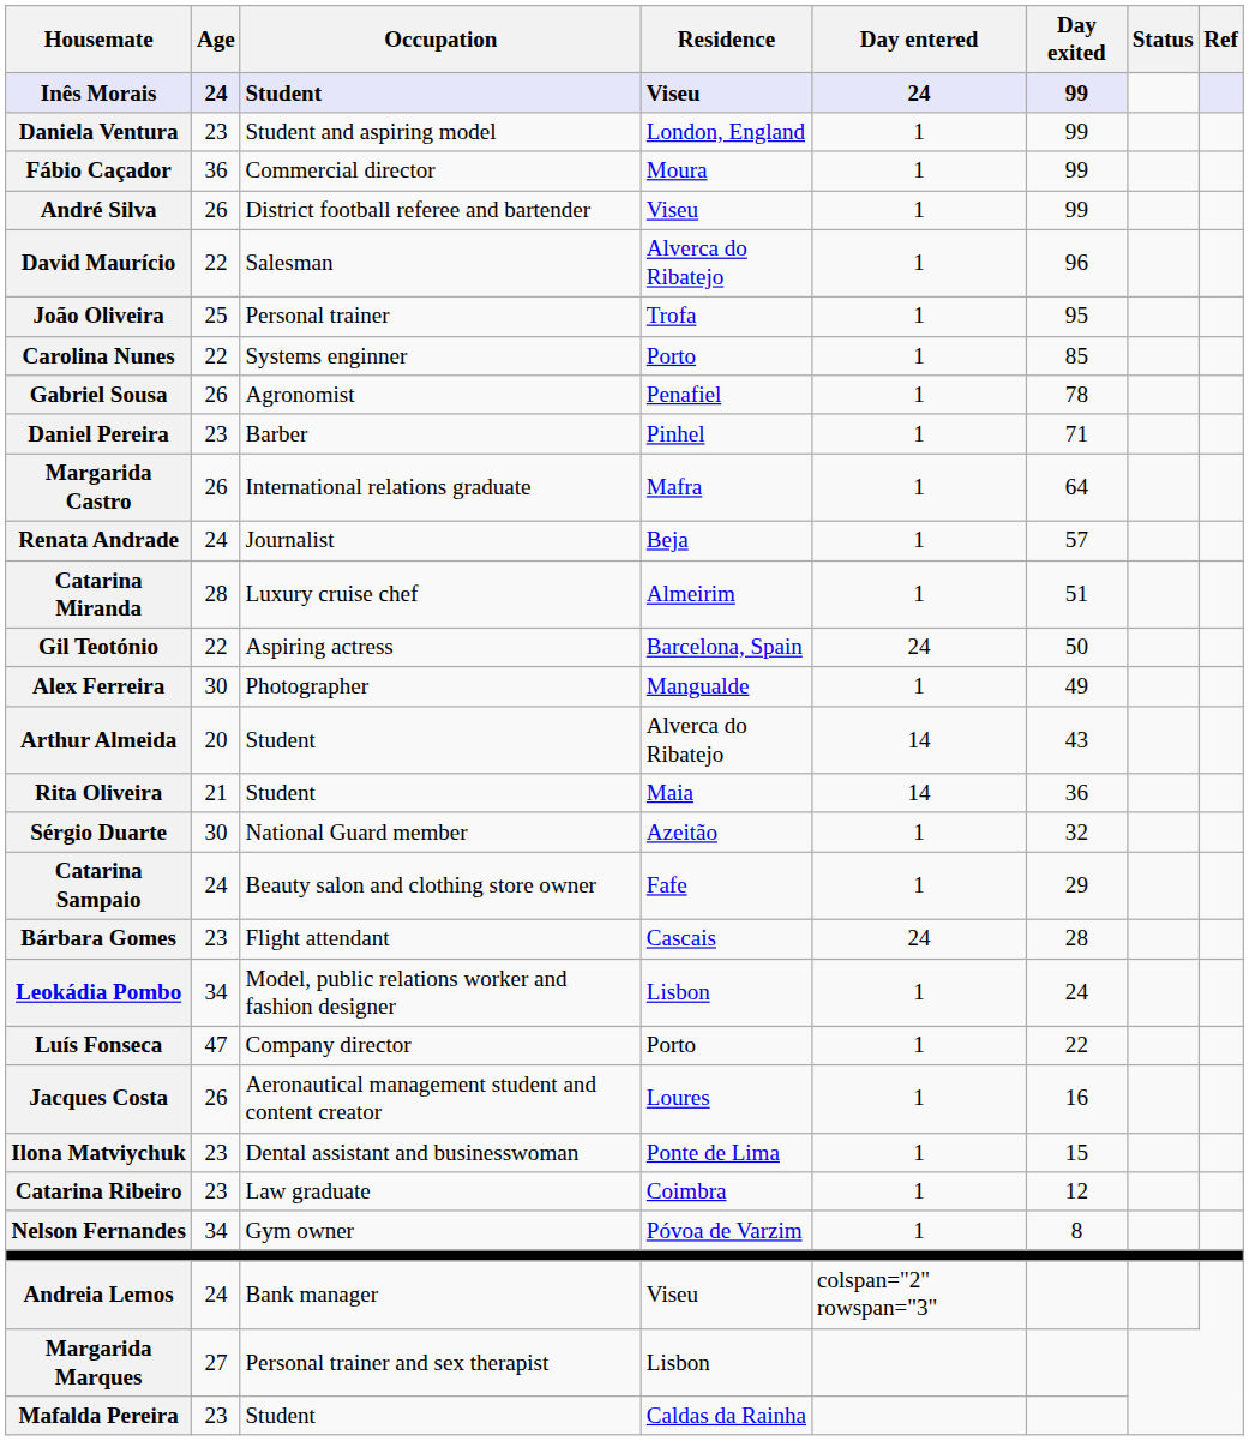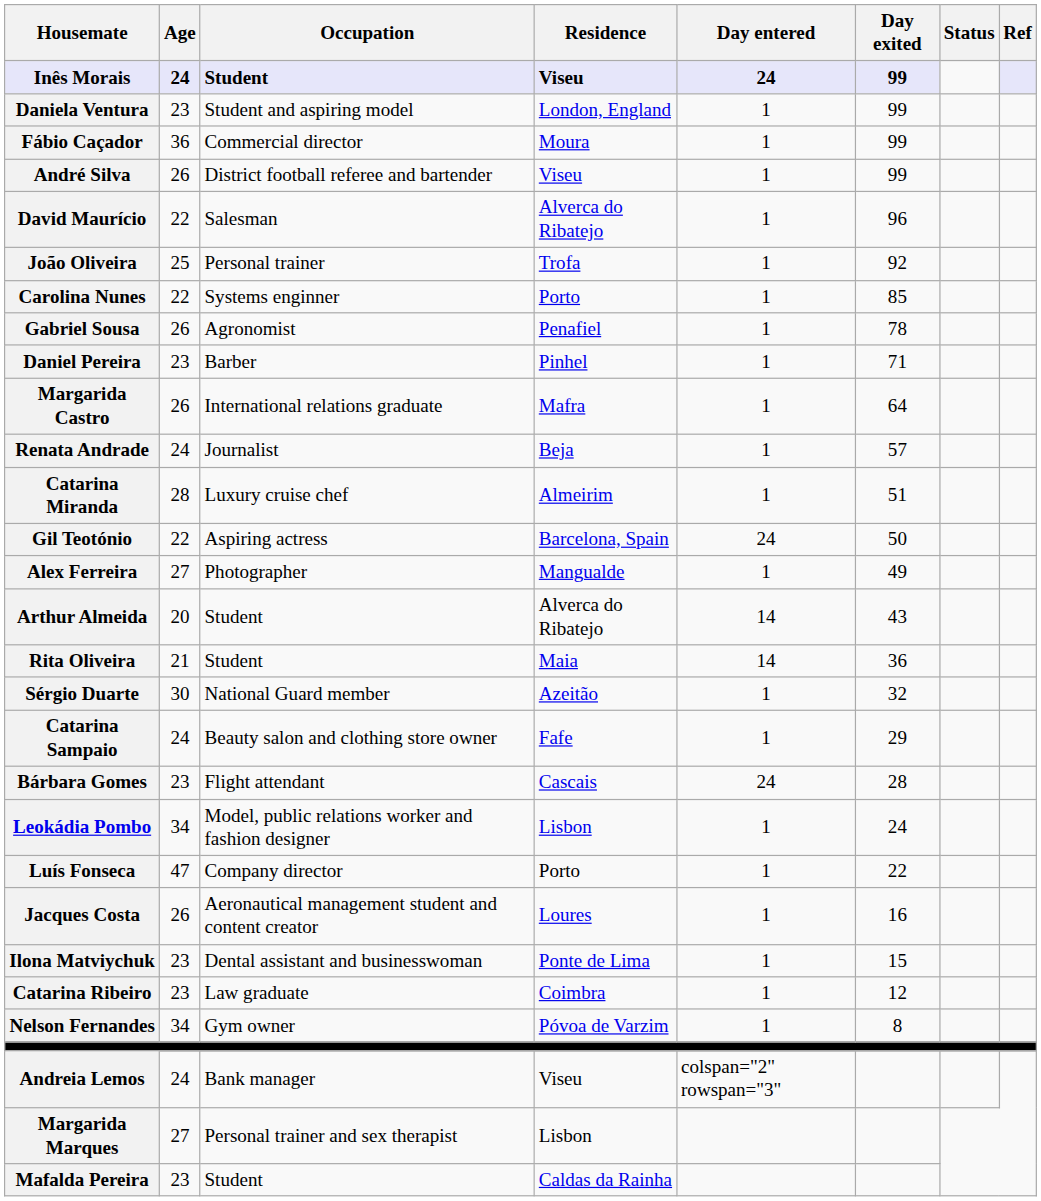 <table class="wikitable sortable" style="text-align: left; line-height:20px; width:auto">
 <tr>
 <th>Housemate</th>
 <th>Age</th>
 <th>Occupation</th>
 <th>Residence</th>
 <th>Day entered</th>
 <th>Day exited</th>
 <th>Status</th>
 <th>Ref</th>
 </tr>
 <tr>
 <td style="text-align: center" bgcolor="E6E6FA"><strong>Inês Morais</strong></td>
 <td style="text-align: center" bgcolor="E6E6FA"><strong>24</strong></td>
 <td bgcolor="E6E6FA"><strong>Student</strong></td>
 <td bgcolor="E6E6FA"><strong>Viseu</strong></td>
 <td style="text-align: center" bgcolor="E6E6FA"><strong>24</strong></td>
 <td style="text-align: center" bgcolor="E6E6FA"><strong>99</strong></td>
 <td></td>
 <td style="text-align: center" bgcolor="E6E6FA"></td>
 </tr>
 <tr>
 <th>Daniela Ventura</th>
 <td style="text-align: center">23</td>
 <td>Student and aspiring model</td>
 <td><a href='#'>London, England</a></td>
 <td style="text-align: center">1</td>
 <td style="text-align: center">99</td>
 <td></td>
 <td style="text-align: center"></td>
 </tr>
 <tr>
 <th>Fábio Caçador</th>
 <td style="text-align: center">36</td>
 <td>Commercial director</td>
 <td><a href='#'>Moura</a></td>
 <td style="text-align: center">1</td>
 <td style="text-align: center">99</td>
 <td></td>
 <td style="text-align: center"></td>
 </tr>
 <tr>
 <th>André Silva</th>
 <td style="text-align: center">26</td>
 <td>District football referee and bartender</td>
 <td><a href='#'>Viseu</a></td>
 <td style="text-align: center">1</td>
 <td style="text-align: center">99</td>
 <td></td>
 <td style="text-align: center"></td>
 </tr>
 <tr>
 <th>David Maurício</th>
 <td style="text-align: center">22</td>
 <td>Salesman</td>
 <td><a href='#'>Alverca do Ribatejo</a></td>
 <td style="text-align: center">1</td>
 <td style="text-align: center">96</td>
 <td></td>
 <td style="text-align: center"></td>
 </tr>
 <tr>
 <th>João Oliveira</th>
 <td style="text-align: center">25</td>
 <td>Personal trainer</td>
 <td><a href='#'>Trofa</a></td>
 <td style="text-align: center">1</td>
-<td style="text-align: center">95</td>
+<td style="text-align: center">92</td>
 <td></td>
 <td style="text-align: center"></td>
 </tr>
 <tr>
 <th>Carolina Nunes</th>
 <td style="text-align: center">22</td>
 <td>Systems enginner</td>
 <td><a href='#'>Porto</a></td>
 <td style="text-align: center">1</td>
 <td style="text-align: center">85</td>
 <td></td>
 <td style="text-align: center"></td>
 </tr>
 <tr>
 <th>Gabriel Sousa</th>
 <td style="text-align: center">26</td>
 <td>Agronomist</td>
 <td><a href='#'>Penafiel</a></td>
 <td style="text-align: center">1</td>
 <td style="text-align: center">78</td>
 <td></td>
 <td style="text-align: center"></td>
 </tr>
 <tr>
 <th>Daniel Pereira</th>
 <td style="text-align: center">23</td>
 <td>Barber</td>
 <td><a href='#'>Pinhel</a></td>
 <td style="text-align: center">1</td>
 <td style="text-align: center">71</td>
 <td></td>
 <td style="text-align: center"></td>
 </tr>
 <tr>
 <th>Margarida Castro</th>
 <td style="text-align: center">26</td>
 <td>International relations graduate</td>
 <td><a href='#'>Mafra</a></td>
 <td style="text-align: center">1</td>
 <td style="text-align: center">64</td>
 <td></td>
 <td style="text-align: center"></td>
 </tr>
 <tr>
 <th>Renata Andrade</th>
 <td style="text-align: center">24</td>
 <td>Journalist</td>
 <td><a href='#'>Beja</a></td>
 <td style="text-align: center">1</td>
 <td style="text-align: center">57</td>
 <td></td>
 <td style="text-align: center"></td>
 </tr>
 <tr>
 <th>Catarina Miranda</th>
 <td style="text-align: center">28</td>
 <td>Luxury cruise chef</td>
 <td><a href='#'>Almeirim</a></td>
 <td style="text-align: center">1</td>
 <td style="text-align: center">51</td>
 <td></td>
 <td style="text-align: center"></td>
 </tr>
 <tr>
 <th>Gil Teotónio</th>
 <td style="text-align: center">22</td>
 <td>Aspiring actress</td>
 <td><a href='#'>Barcelona, Spain</a></td>
 <td style="text-align: center">24</td>
 <td style="text-align: center">50</td>
 <td></td>
 <td style="text-align: center"></td>
 </tr>
 <tr>
 <th>Alex Ferreira</th>
-<td style="text-align: center">30</td>
+<td style="text-align: center">27</td>
 <td>Photographer</td>
 <td><a href='#'>Mangualde</a></td>
 <td style="text-align: center">1</td>
 <td style="text-align: center">49</td>
 <td></td>
 <td style="text-align: center"></td>
 </tr>
 <tr>
 <th>Arthur Almeida</th>
 <td style="text-align: center">20</td>
 <td>Student</td>
 <td>Alverca do Ribatejo</td>
 <td style="text-align: center">14</td>
 <td style="text-align: center">43</td>
 <td></td>
 <td style="text-align: center"></td>
 </tr>
 <tr>
 <th>Rita Oliveira</th>
 <td style="text-align: center">21</td>
 <td>Student</td>
 <td><a href='#'>Maia</a></td>
 <td style="text-align: center">14</td>
 <td style="text-align: center">36</td>
 <td></td>
 <td style="text-align: center"></td>
 </tr>
 <tr>
 <th>Sérgio Duarte</th>
 <td style="text-align: center">30</td>
 <td>National Guard member</td>
 <td><a href='#'>Azeitão</a></td>
 <td style="text-align: center">1</td>
 <td style="text-align: center">32</td>
 <td></td>
 <td style="text-align: center"></td>
 </tr>
 <tr>
 <th>Catarina Sampaio</th>
 <td style="text-align: center">24</td>
 <td>Beauty salon and clothing store owner</td>
 <td><a href='#'>Fafe</a></td>
 <td style="text-align: center">1</td>
 <td style="text-align: center">29</td>
 <td></td>
 <td style="text-align: center"></td>
 </tr>
 <tr>
 <th>Bárbara Gomes</th>
 <td style="text-align: center">23</td>
 <td>Flight attendant</td>
 <td><a href='#'>Cascais</a></td>
 <td style="text-align: center">24</td>
 <td style="text-align: center">28</td>
 <td></td>
 <td style="text-align: center"></td>
 </tr>
 <tr>
 <th><a href='#'>Leokádia Pombo</a></th>
 <td style="text-align: center">34</td>
 <td>Model, public relations worker and fashion designer</td>
 <td><a href='#'>Lisbon</a></td>
 <td style="text-align: center">1</td>
 <td style="text-align: center">24</td>
 <td></td>
 <td style="text-align: center"></td>
 </tr>
 <tr>
 <th>Luís Fonseca</th>
 <td style="text-align: center">47</td>
 <td>Company director</td>
 <td>Porto</td>
 <td style="text-align: center">1</td>
 <td style="text-align: center">22</td>
 <td></td>
 <td style="text-align: center"></td>
 </tr>
 <tr>
 <th>Jacques Costa</th>
 <td style="text-align: center">26</td>
 <td>Aeronautical management student and content creator</td>
 <td><a href='#'>Loures</a></td>
 <td style="text-align: center">1</td>
 <td style="text-align: center">16</td>
 <td></td>
 <td style="text-align: center"></td>
 </tr>
 <tr>
 <th>Ilona Matviychuk</th>
 <td style="text-align: center">23</td>
 <td>Dental assistant and businesswoman</td>
 <td><a href='#'>Ponte de Lima</a></td>
 <td style="text-align: center">1</td>
 <td style="text-align: center">15</td>
 <td></td>
 <td style="text-align: center"></td>
 </tr>
 <tr>
 <th>Catarina Ribeiro</th>
 <td style="text-align: center">23</td>
 <td>Law graduate</td>
 <td><a href='#'>Coimbra</a></td>
 <td style="text-align: center">1</td>
 <td style="text-align: center">12</td>
 <td></td>
 <td style="text-align: center"></td>
 </tr>
 <tr>
 <th>Nelson Fernandes</th>
 <td style="text-align: center">34</td>
 <td>Gym owner</td>
 <td><a href='#'>Póvoa de Varzim</a></td>
 <td style="text-align: center">1</td>
 <td style="text-align: center">8</td>
 <td></td>
 <td style="text-align: center"></td>
 </tr>
 <tr>
 <td bgcolor="black" colspan="8"></td>
 </tr>
 <tr>
 <th>Andreia Lemos</th>
 <td style="text-align: center">24</td>
 <td>Bank manager</td>
 <td>Viseu</td>
 <td>colspan="2" rowspan="3" </td>
 <td></td>
 <td style="text-align: center"></td>
 </tr>
 <tr>
 <th>Margarida Marques</th>
 <td style="text-align: center">27</td>
 <td>Personal trainer and sex therapist</td>
 <td>Lisbon</td>
 <td></td>
 <td style="text-align: center"></td>
 </tr>
 <tr>
 <th>Mafalda Pereira</th>
 <td style="text-align: center">23</td>
 <td>Student</td>
 <td><a href='#'>Caldas da Rainha</a></td>
 <td></td>
 <td style="text-align: center"></td>
 </tr>
 </table>
